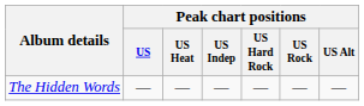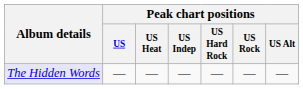 <table class="wikitable" style="text-align:center;">
 <tr>
 <th rowspan="2">Album details</th>
 <th colspan="19">Peak chart positions</th>
 </tr>
 <tr>
 <th style="width:3em;font-size:75%"><a href='#'>US</a></th>
 <th style="width:3em;font-size:75%">US Heat</th>
 <th style="width:3em;font-size:75%">US Indep</th>
 <th style="width:3em;font-size:75%">US Hard Rock</th>
 <th style="width:3em;font-size:75%">US Rock</th>
 <th style="width:3em;font-size:75%">US Alt</th>
 </tr>
 <tr>
-<td align=left><em><a href='#'>The Hidden Words</a></em><br></td>
+<td align=left style="background: lavender;"><em><a href='#'>The Hidden Words</a></em><br></td>
 <td>—</td>
 <td>—</td>
 <td>—</td>
 <td>—</td>
 <td>—</td>
 <td>—</td>
 </tr>
 </table>
